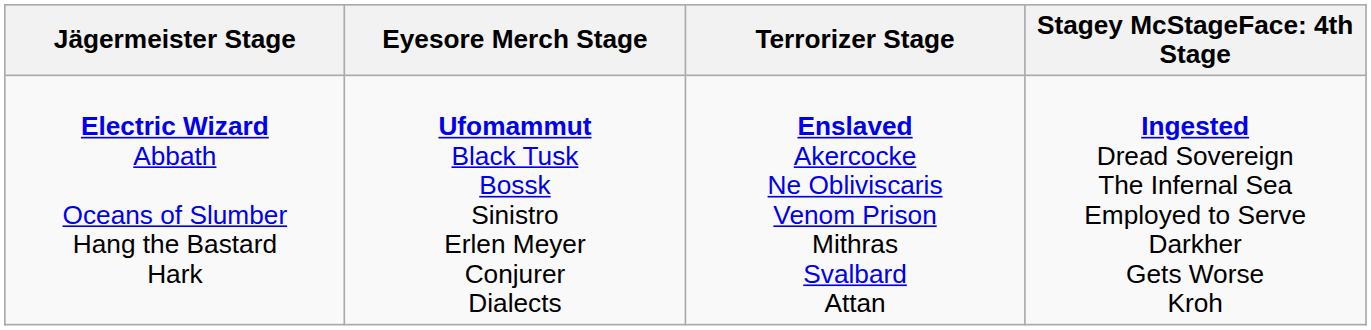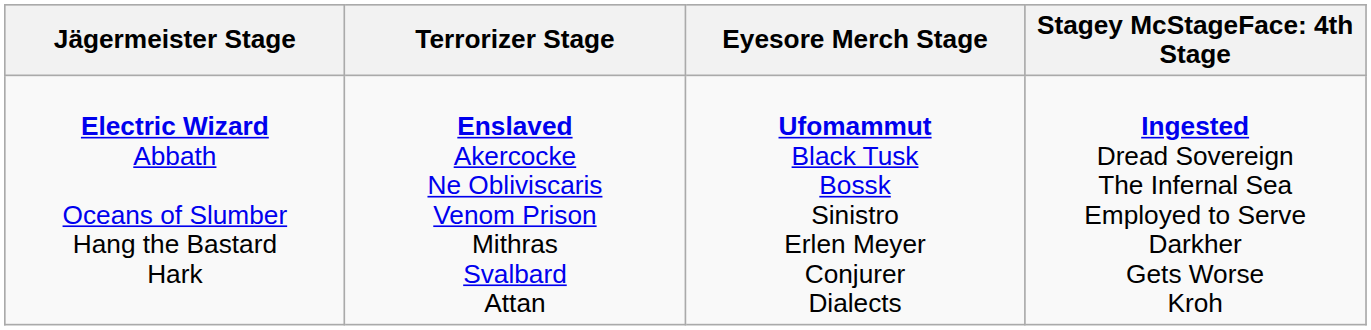 <table class="wikitable">
 <tr>
 <th>Jägermeister Stage</th>
+<th>Terrorizer Stage</th>
 <th>Eyesore Merch Stage</th>
-<th>Terrorizer Stage</th>
 <th>Stagey McStageFace: 4th Stage</th>
 </tr>
 <tr>
 <td valign="top" align="center" width=200><br><strong><a href='#'>Electric Wizard</a></strong><br> <a href='#'>Abbath</a><br> <br> <a href='#'>Oceans of Slumber</a><br> Hang the Bastard<br> Hark</td>
+<td valign="top" align="center" width=200><br><strong><a href='#'>Enslaved</a></strong><br> <a href='#'>Akercocke</a><br> <a href='#'>Ne Obliviscaris</a><br> <a href='#'>Venom Prison</a><br> Mithras<br> <a href='#'>Svalbard</a><br> Attan</td>
 <td valign="top" align="center" width=200><br><strong><a href='#'>Ufomammut</a></strong><br> <a href='#'>Black Tusk</a><br> <a href='#'>Bossk</a><br> Sinistro<br> Erlen Meyer<br> Conjurer<br> Dialects</td>
-<td valign="top" align="center" width=200><br><strong><a href='#'>Enslaved</a></strong><br> <a href='#'>Akercocke</a><br> <a href='#'>Ne Obliviscaris</a><br> <a href='#'>Venom Prison</a><br> Mithras<br> <a href='#'>Svalbard</a><br> Attan</td>
 <td valign="top" align="center" width=200><br><strong><a href='#'>Ingested</a></strong><br> Dread Sovereign<br> The Infernal Sea<br> Employed to Serve<br> Darkher<br> Gets Worse<br> Kroh</td>
 </tr>
 </table>
